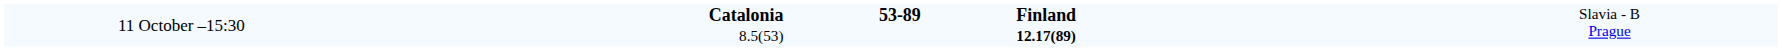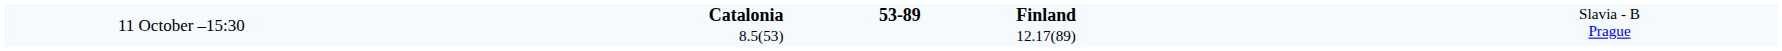 <table style="width: 100%; background:#F5FAFF;" cellspacing="0">
 <tr>
 <td style=font-size:95% align=center rowspan=3 width=20%>11 October –15:30</td>
 </tr>
 <tr>
 <td width=24% align=right><strong>Catalonia</strong> </td>
 <td align=center width=13%><strong>53-89</strong></td>
 <td width=24%> <strong>Finland</strong></td>
 <td style=font-size:85% rowspan=3 valign=top align=center>Slavia - B <br><a href='#'>Prague</a></td>
 </tr>
 <tr style=font-size:85%>
 <td align=right>8.5(53)</td>
 <td align=center></td>
-<td><strong>12.17(89)</strong></td>
+<td>12.17(89)</td>
 </tr>
 </table>
